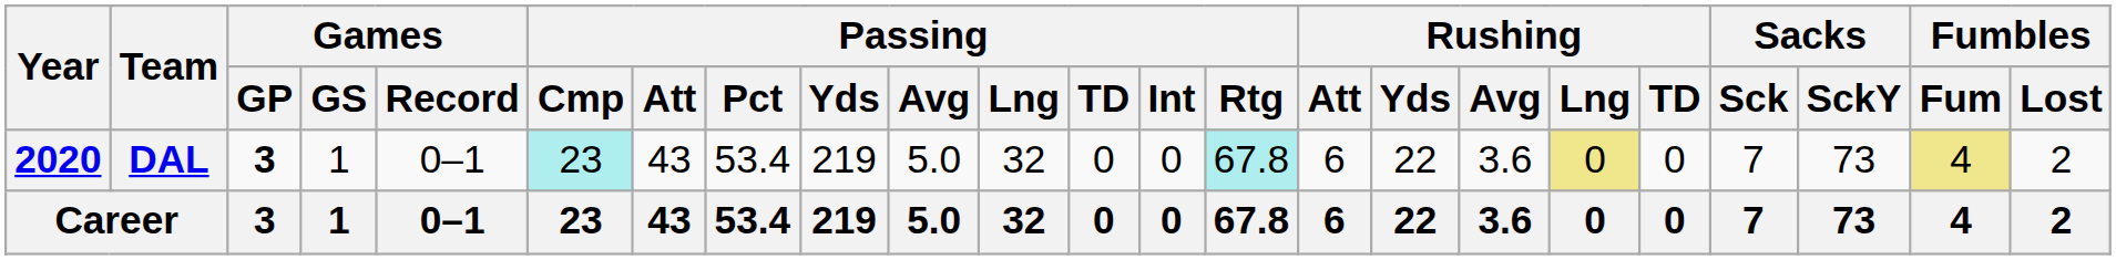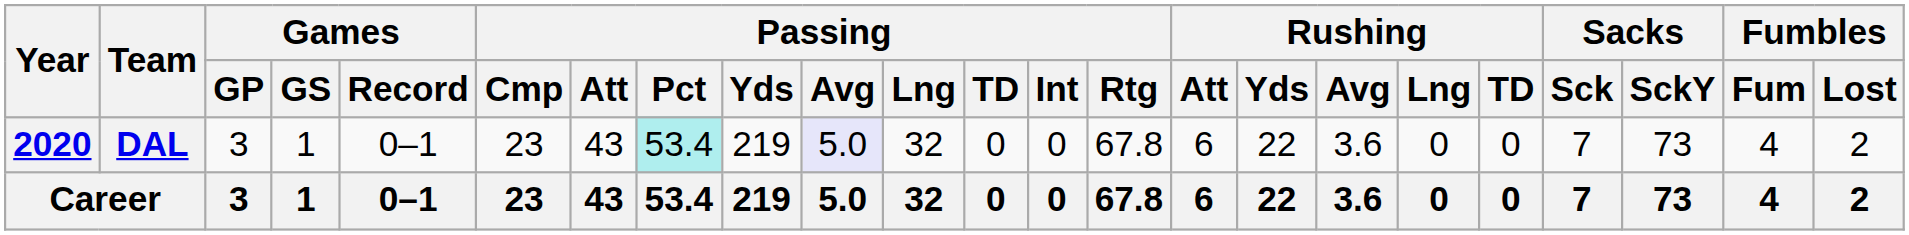 <table class= "wikitable" style="text-align:center;">
 <tr>
 <th rowspan="2">Year</th>
 <th rowspan="2">Team</th>
 <th colspan="3">Games</th>
 <th colspan="9">Passing</th>
 <th colspan="5">Rushing</th>
 <th colspan="2">Sacks</th>
 <th colspan="2">Fumbles</th>
 </tr>
 <tr>
 <th>GP</th>
 <th>GS</th>
 <th>Record</th>
 <th>Cmp</th>
 <th>Att</th>
 <th>Pct</th>
 <th>Yds</th>
 <th>Avg</th>
 <th>Lng</th>
 <th>TD</th>
 <th>Int</th>
 <th>Rtg</th>
 <th>Att</th>
 <th>Yds</th>
 <th>Avg</th>
 <th>Lng</th>
 <th>TD</th>
 <th>Sck</th>
 <th>SckY</th>
 <th>Fum</th>
 <th>Lost</th>
 </tr>
 <tr>
 <th><a href='#'>2020</a></th>
 <th><a href='#'>DAL</a></th>
-<td><strong>3</strong></td>
+<td>3</td>
 <td>1</td>
 <td>0–1</td>
-<td style="background: paleturquoise;">23</td>
+<td>23</td>
 <td>43</td>
-<td>53.4</td>
+<td style="background: paleturquoise;">53.4</td>
 <td>219</td>
-<td>5.0</td>
+<td style="background: lavender;">5.0</td>
 <td>32</td>
 <td>0</td>
 <td>0</td>
-<td style="background: paleturquoise;">67.8</td>
+<td>67.8</td>
 <td>6</td>
 <td>22</td>
 <td>3.6</td>
-<td style="background: khaki;">0</td>
+<td>0</td>
 <td>0</td>
 <td>7</td>
 <td>73</td>
-<td style="background: khaki;">4</td>
+<td>4</td>
 <td>2</td>
 </tr>
 <tr>
 <th colspan="2">Career</th>
 <th>3</th>
 <th>1</th>
 <th>0–1</th>
 <th>23</th>
 <th>43</th>
 <th>53.4</th>
 <th>219</th>
 <th>5.0</th>
 <th>32</th>
 <th>0</th>
 <th>0</th>
 <th>67.8</th>
 <th>6</th>
 <th>22</th>
 <th>3.6</th>
 <th>0</th>
 <th>0</th>
 <th>7</th>
 <th>73</th>
 <th>4</th>
 <th>2</th>
 </tr>
 </table>
